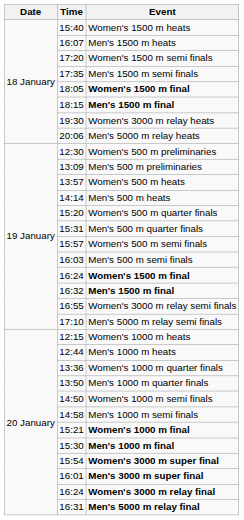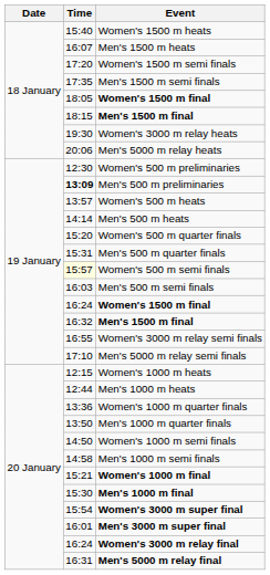 <table class="wikitable" border="1">
 <tr>
 <th>Date</th>
 <th>Time</th>
 <th>Event</th>
 </tr>
 <tr>
 <td rowspan=8>18 January</td>
 <td>15:40</td>
 <td>Women's 1500 m heats</td>
 </tr>
 <tr>
 <td>16:07</td>
 <td>Men's 1500 m heats</td>
 </tr>
 <tr>
 <td>17:20</td>
 <td>Women's 1500 m semi finals</td>
 </tr>
 <tr>
 <td>17:35</td>
 <td>Men's 1500 m semi finals</td>
 </tr>
 <tr>
 <td>18:05</td>
 <td><strong>Women's 1500 m final</strong></td>
 </tr>
 <tr>
 <td>18:15</td>
 <td><strong>Men's 1500 m final</strong></td>
 </tr>
 <tr>
 <td>19:30</td>
 <td>Women's 3000 m relay heats</td>
 </tr>
 <tr>
 <td>20:06</td>
 <td>Men's 5000 m relay heats</td>
 </tr>
 <tr>
 <td rowspan=12>19 January</td>
 <td>12:30</td>
 <td>Women's 500 m preliminaries</td>
 </tr>
 <tr>
-<td>13:09</td>
+<td><strong>13:09</strong></td>
 <td>Men's 500 m preliminaries</td>
 </tr>
 <tr>
 <td>13:57</td>
 <td>Women's 500 m heats</td>
 </tr>
 <tr>
 <td>14:14</td>
 <td>Men's 500 m heats</td>
 </tr>
 <tr>
 <td>15:20</td>
 <td>Women's 500 m quarter finals</td>
 </tr>
 <tr>
 <td>15:31</td>
 <td>Men's 500 m quarter finals</td>
 </tr>
 <tr>
-<td>15:57</td>
+<td style="background: lightyellow;">15:57</td>
 <td>Women's 500 m semi finals</td>
 </tr>
 <tr>
 <td>16:03</td>
 <td>Men's 500 m semi finals</td>
 </tr>
 <tr>
 <td>16:24</td>
 <td><strong>Women's 1500 m final</strong></td>
 </tr>
 <tr>
 <td>16:32</td>
 <td><strong>Men's 1500 m final</strong></td>
 </tr>
 <tr>
 <td>16:55</td>
 <td>Women's 3000 m relay semi finals</td>
 </tr>
 <tr>
 <td>17:10</td>
 <td>Men's 5000 m relay semi finals</td>
 </tr>
 <tr>
 <td rowspan=12>20 January</td>
 <td>12:15</td>
 <td>Women's 1000 m heats</td>
 </tr>
 <tr>
 <td>12:44</td>
 <td>Men's 1000 m heats</td>
 </tr>
 <tr>
 <td>13:36</td>
 <td>Women's 1000 m quarter finals</td>
 </tr>
 <tr>
 <td>13:50</td>
 <td>Men's 1000 m quarter finals</td>
 </tr>
 <tr>
 <td>14:50</td>
 <td>Women's 1000 m semi finals</td>
 </tr>
 <tr>
 <td>14:58</td>
 <td>Men's 1000 m semi finals</td>
 </tr>
 <tr>
 <td>15:21</td>
 <td><strong>Women's 1000 m final</strong></td>
 </tr>
 <tr>
 <td>15:30</td>
 <td><strong>Men's 1000 m final</strong></td>
 </tr>
 <tr>
 <td>15:54</td>
 <td><strong>Women's 3000 m super final</strong></td>
 </tr>
 <tr>
 <td>16:01</td>
 <td><strong>Men's 3000 m super final</strong></td>
 </tr>
 <tr>
 <td>16:24</td>
 <td><strong>Women's 3000 m relay final</strong></td>
 </tr>
 <tr>
 <td>16:31</td>
 <td><strong>Men's 5000 m relay final</strong></td>
 </tr>
 </table>
